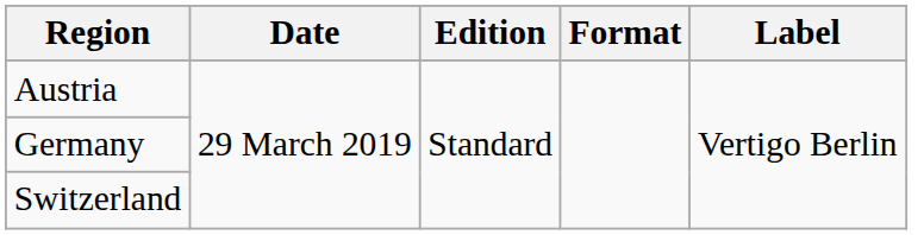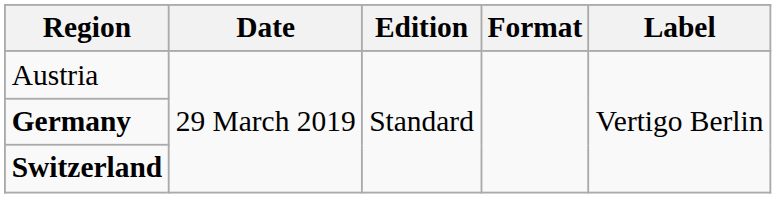 <table class="wikitable">
 <tr>
 <th scope="col">Region</th>
 <th scope="col">Date</th>
 <th scope="col">Edition</th>
 <th scope="col">Format</th>
 <th scope="col">Label</th>
 </tr>
 <tr>
 <td>Austria</td>
 <td rowspan="3">29 March 2019</td>
 <td rowspan="3">Standard</td>
 <td rowspan="3"></td>
 <td rowspan="3">Vertigo Berlin</td>
 </tr>
 <tr>
-<td>Germany</td>
+<td><strong>Germany</strong></td>
 </tr>
 <tr>
-<td>Switzerland</td>
+<td><strong>Switzerland</strong></td>
 </tr>
 </table>
